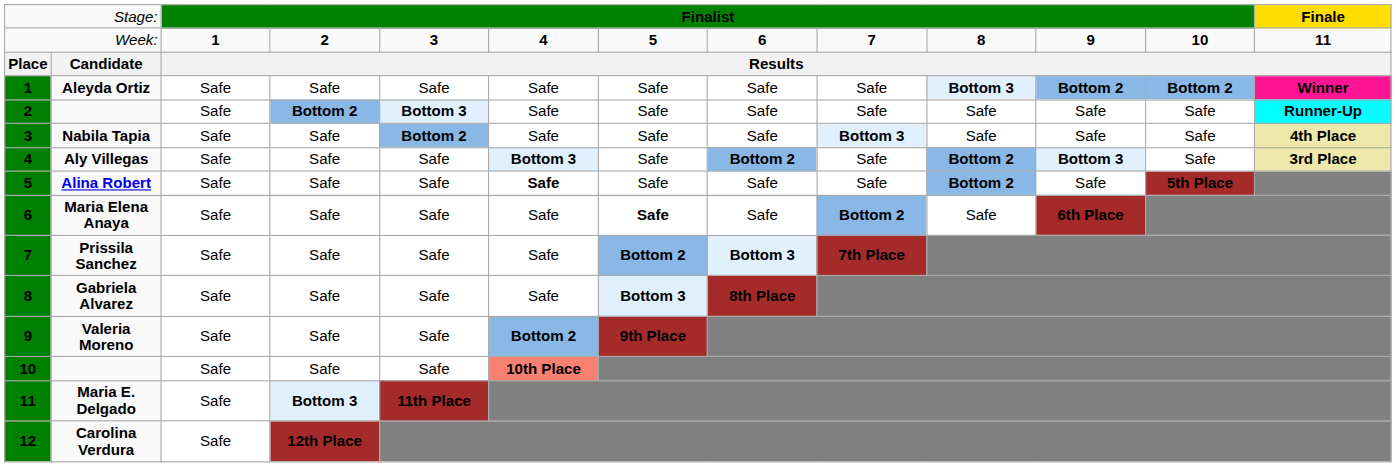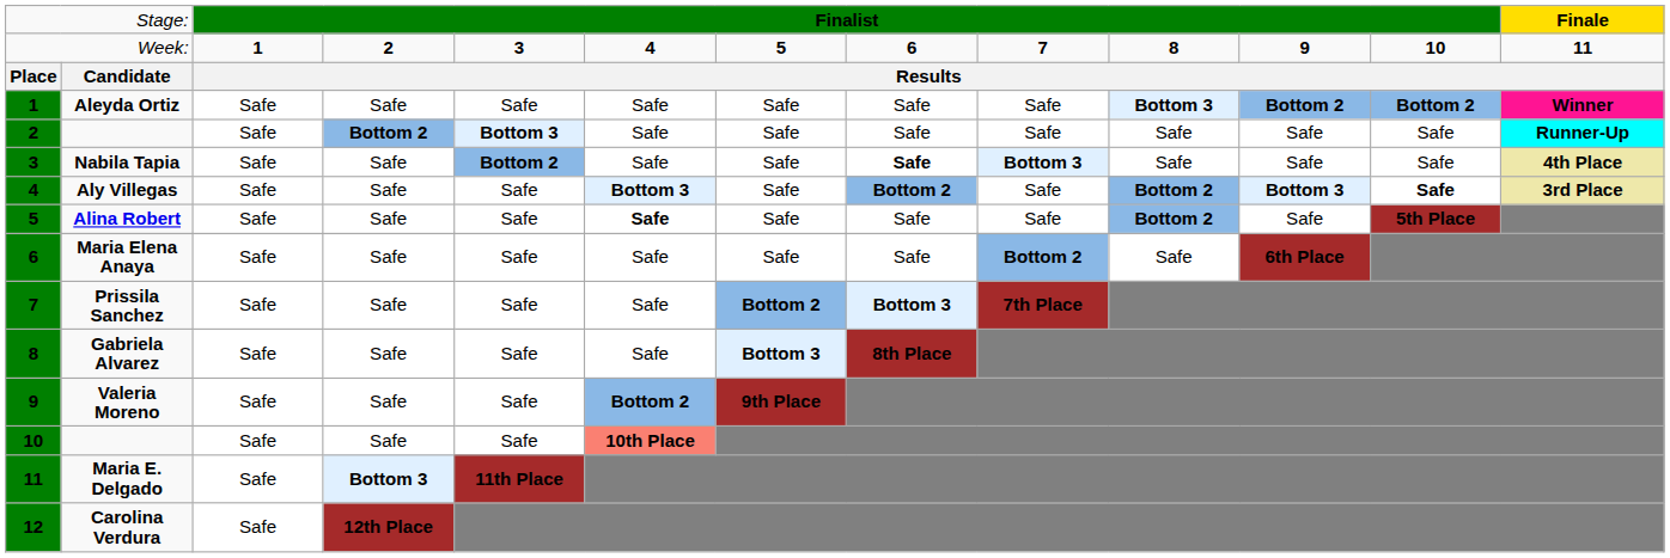 <table class="wikitable" style="text-align:center; font-size:85%">
 <tr>
 <td colspan="2" style="text-align:right;"><em>Stage:</em></td>
 <td colspan="10" style="background:green; text-align:Center;"><strong>Finalist</strong></td>
 <td colspan="5" style="background:#ffde00; text-align:Center;"><strong>Finale</strong></td>
 </tr>
 <tr>
 <td colspan="2" style="text-align:right;"><em>Week:</em></td>
 <td style="text-align:center; width:6%;"><strong>1</strong></td>
 <td style="text-align:center; width:6%;"><strong>2</strong></td>
 <td style="text-align:center; width:6%;"><strong>3</strong></td>
 <td style="text-align:center; width:6%;"><strong>4</strong></td>
 <td style="text-align:center; width:6%;"><strong>5</strong></td>
 <td style="text-align:center; width:6%;"><strong>6</strong></td>
 <td style="text-align:center; width:6%;"><strong>7</strong></td>
 <td style="text-align:center; width:6%;"><strong>8</strong></td>
 <td style="text-align:center; width:6%;"><strong>9</strong></td>
 <td style="text-align:center; width:6%;"><strong>10</strong></td>
 <td style="text-align:center; width:6%;"><strong>11</strong></td>
 </tr>
 <tr>
 <th style="width:02%;">Place</th>
 <th style="text-align:center;">Candidate</th>
 <th colspan="11" style="text-align:center;">Results</th>
 </tr>
 <tr>
 <td style="background:green; text-align:center;"><strong>1</strong></td>
 <td style="width:8%;"><strong>Aleyda Ortiz</strong></td>
 <td style="background:white; width:8%;">Safe</td>
 <td style="background:white; width:8%;">Safe</td>
 <td style="background:white; width:8%;">Safe</td>
 <td style="background:white; width:8%;">Safe</td>
 <td style="background:white; width:8%;">Safe</td>
 <td style="background:white; width:8%;">Safe</td>
 <td style="background:white; width:8%;">Safe</td>
 <td style="background:#e0f0ff; width:8%;"><strong>Bottom 3</strong></td>
 <td style="background:#8ab8e6; width:8%;"><strong>Bottom 2</strong></td>
 <td style="background:#8ab8e6; width:8%;"><strong>Bottom 2</strong></td>
 <td style="background:deeppink; width:10%;"><strong>Winner</strong></td>
 </tr>
 <tr>
 <td style="background:green; text-align:center;"><strong>2</strong></td>
 <td style="width:8%;"></td>
 <td style="background:white; width:8%;">Safe</td>
 <td style="background:#8ab8e6; width:8%;"><strong>Bottom 2</strong></td>
 <td style="background:#e0f0ff; width:8%;"><strong>Bottom 3</strong></td>
 <td style="background:white; width:8%;">Safe</td>
 <td style="background:white; width:8%;">Safe</td>
 <td style="background:white; width:8%;">Safe</td>
 <td style="background:white; width:8%;">Safe</td>
 <td style="background:white; width:8%;">Safe</td>
 <td style="background:white; width:8%;">Safe</td>
 <td style="background:white; width:8%;">Safe</td>
 <td style="background:Cyan; width:10%;"><strong>Runner-Up</strong></td>
 </tr>
 <tr>
 <td style="background:green; text-align:center;"><strong>3</strong></td>
 <td style="width:8%;"><strong>Nabila Tapia</strong></td>
 <td style="background:white; width:8%;">Safe</td>
 <td style="background:white; width:8%;">Safe</td>
 <td style="background:#8ab8e6; width:8%;"><strong>Bottom 2</strong></td>
 <td style="background:white; width:8%;">Safe</td>
 <td style="background:white; width:8%;">Safe</td>
-<td style="background:white; width:8%;">Safe</td>
+<td style="background:white; width:8%;"><strong>Safe</strong></td>
 <td style="background:#e0f0ff; width:8%;"><strong>Bottom 3</strong></td>
 <td style="background:white; width:8%;">Safe</td>
 <td style="background:white; width:8%;">Safe</td>
 <td style="background:white; width:8%;">Safe</td>
 <td style="background:#eee8aa; width:10%;"><strong>4th Place</strong></td>
 </tr>
 <tr>
 <td style="background:green; text-align:center;"><strong>4</strong></td>
 <td style="width:8%;"><strong>Aly Villegas</strong></td>
 <td style="background:white; width:8%;">Safe</td>
 <td style="background:white; width:8%;">Safe</td>
 <td style="background:white; width:8%;">Safe</td>
 <td style="background:#e0f0ff; width:8%;"><strong>Bottom 3</strong></td>
 <td style="background:white; width:8%;">Safe</td>
 <td style="background:#8ab8e6;width:8%;"><strong>Bottom 2 </strong></td>
 <td style="background:white; width:8%;">Safe</td>
 <td style="background:#8ab8e6; width:8%;"><strong>Bottom 2</strong></td>
 <td style="background:#e0f0ff; width:8%;"><strong>Bottom 3</strong></td>
-<td style="background:white; width:8%;">Safe</td>
+<td style="background:white; width:8%;"><strong>Safe</strong></td>
 <td style="background:#eee8aa; width:10%;"><strong>3rd Place</strong></td>
 </tr>
 <tr>
 <td style="background:green; text-align:center;"><strong>5</strong></td>
 <td style="width:8%;"><strong><a href='#'>Alina Robert</a></strong></td>
 <td style="background:white; width:8%;">Safe</td>
 <td style="background:white; width:8%;">Safe</td>
 <td style="background:white; width:8%;">Safe</td>
 <td style="background:white; width:8%;"><strong>Safe</strong></td>
 <td style="background:white; width:8%;">Safe</td>
 <td style="background:white; width:8%;">Safe</td>
 <td style="background:white; width:8%;">Safe</td>
 <td style="background:#8ab8e6; width:8%;"><strong>Bottom 2</strong></td>
 <td style="background:white; width:8%;">Safe</td>
 <td style="background:Brown; width:8%;"><strong>5th Place</strong></td>
 <td colspan="20" bgcolor="gray"></td>
 </tr>
 <tr>
 </tr>
 <tr>
 <td style="background:green; text-align:center;"><strong>6</strong></td>
 <td style="width:8%;"><strong>Maria Elena Anaya</strong></td>
 <td style="background:white; width:8%;">Safe</td>
 <td style="background:white; width:8%;">Safe</td>
 <td style="background:white; width:8%;">Safe</td>
 <td style="background:white; width:8%;">Safe</td>
-<td style="background:white; width:8%;"><strong>Safe</strong></td>
+<td style="background:white; width:8%;">Safe</td>
 <td style="background:white; width:8%;">Safe</td>
 <td style="background:#8ab8e6; width:8%;"><strong>Bottom 2</strong></td>
 <td style="background:white; width:8%;">Safe</td>
 <td style="background:Brown; width:8%;"><strong>6th Place</strong></td>
 <td colspan="20" bgcolor="gray"></td>
 </tr>
 <tr>
 <td style="background:green; text-align:center;"><strong>7</strong></td>
 <td style="width:8%;"><strong>Prissila Sanchez</strong></td>
 <td style="background:white; width:8%;">Safe</td>
 <td style="background:white; width:8%;">Safe</td>
 <td style="background:white; width:8%;">Safe</td>
 <td style="background:white; width:8%;">Safe</td>
 <td style="background:#8ab8e6; width:8%;"><strong>Bottom 2</strong></td>
 <td style="background:#e0f0ff; width:8%;"><strong>Bottom 3</strong></td>
 <td style="background:Brown; width:8%;"><strong>7th Place</strong></td>
 <td colspan="20" bgcolor="gray"></td>
 </tr>
 <tr>
 <td style="background:green; text-align:center;"><strong>8</strong></td>
 <td style="width:8%;"><strong>Gabriela Alvarez</strong></td>
 <td style="background:white; width:8%;">Safe</td>
 <td style="background:white; width:8%;">Safe</td>
 <td style="background:white; width:8%;">Safe</td>
 <td style="background:white; width:8%;">Safe</td>
 <td style="background:#e0f0ff; width:8%;"><strong>Bottom 3</strong></td>
 <td style="background:Brown; width:8%;"><strong>8th Place</strong></td>
 <td colspan="20" bgcolor="gray"></td>
 </tr>
 <tr>
 <td style="background:green; text-align:center;"><strong>9</strong></td>
 <td style="width:8%;"><strong>Valeria Moreno</strong></td>
 <td style="background:white; width:8%;">Safe</td>
 <td style="background:white; width:8%;">Safe</td>
 <td style="background:white; width:8%;">Safe</td>
 <td style="background:#8ab8e6; width:8%;"><strong>Bottom 2</strong></td>
 <td style="background:Brown; width:8%;"><strong>9th Place</strong></td>
 <td colspan="20" bgcolor="gray"></td>
 </tr>
 <tr>
 <td style="background:green; text-align:center;"><strong>10</strong></td>
 <td style="width:8%;"></td>
 <td style="background:white; width:8%;">Safe</td>
 <td style="background:white; width:8%;">Safe</td>
 <td style="background:white; width:8%;">Safe</td>
 <td style="background:salmon; width:8%;"><strong>10th Place</strong></td>
 <td colspan="20" bgcolor="gray"></td>
 </tr>
 <tr>
 <td style="background:green; text-align:center;"><strong>11</strong></td>
 <td style="width:8%;"><strong>Maria E. Delgado</strong></td>
 <td style="background:white; width:8%;">Safe</td>
 <td style="background:#e0f0ff; width:8%;"><strong>Bottom 3</strong></td>
 <td style="background:Brown; width:8%;"><strong>11th Place</strong></td>
 <td colspan="20" bgcolor="gray"></td>
 </tr>
 <tr>
 <td style="background:green; text-align:center;"><strong>12</strong></td>
 <td style="width:8%;"><strong>Carolina Verdura</strong></td>
 <td style="background:white; width:8%;">Safe</td>
 <td style="background:Brown; width:8%;"><strong>12th Place</strong></td>
 <td colspan="20" bgcolor="gray"></td>
 </tr>
 </table>
